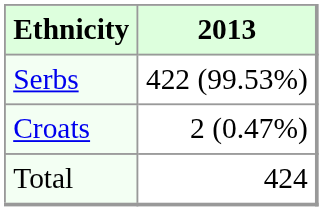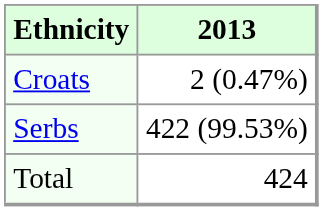 <table border=1 cellpadding=4 cellspacing=0 class="toccolours" style="align: left; margin: 0.5em 0 0 0; border-style: solid; border: 1px solid #999; border-right-width: 2px; border-bottom-width: 2px; border-collapse: collapse; font-size: 100%;">
 <tr>
 <td style="background:#ddffdd;"><strong>Ethnicity</strong></td>
 <td colspan=1 style="background:#ddffdd;" align="center"><strong>2013</strong></td>
 </tr>
 <tr>
+<td style="background:#f3fff3;"><a href='#'>Croats</a></td>
+<td align="right">2 (0.47%)</td>
+</tr>
+<tr>
 <td style="background:#f3fff3;"><a href='#'>Serbs</a></td>
 <td align="right">422 (99.53%)</td>
-</tr>
-<tr>
-<td style="background:#f3fff3;"><a href='#'>Croats</a></td>
-<td align="right">2 (0.47%)</td>
 </tr>
 <tr>
 <td style="background:#f3fff3;">Total</td>
 <td align="right">424</td>
 </tr>
 </table>
